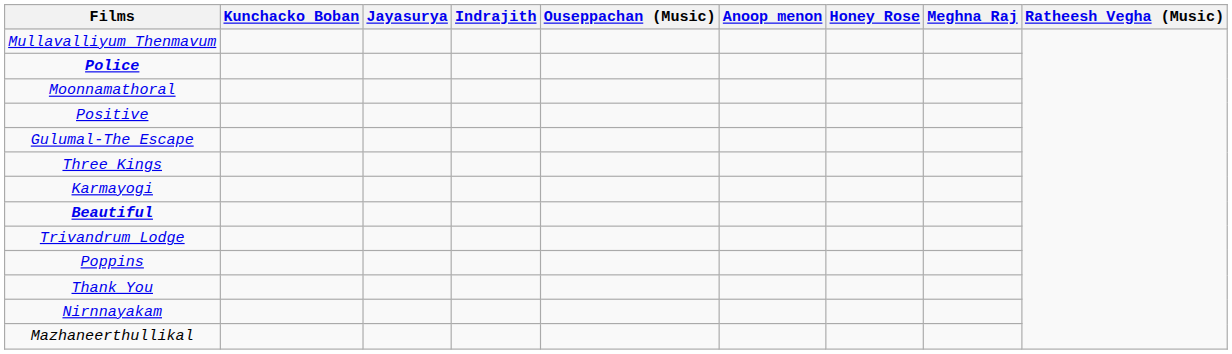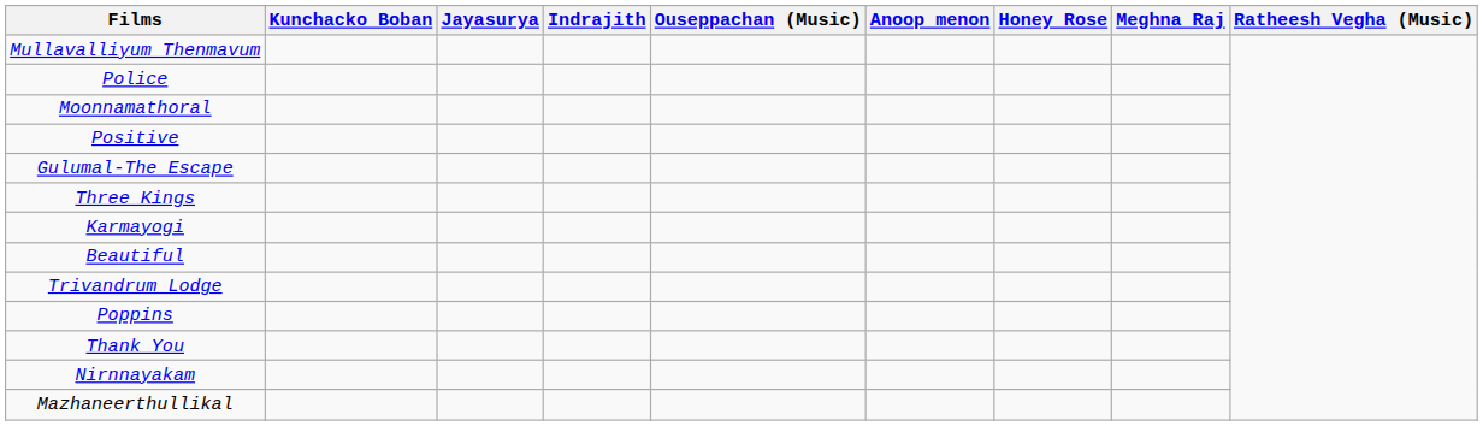 <table class="wikitable" style="text-align:center;">
 <tr style="vertical-align:bottom;">
 <th>Films</th>
 <th><a href='#'>Kunchacko Boban</a></th>
 <th><a href='#'>Jayasurya</a></th>
 <th><a href='#'>Indrajith</a></th>
 <th><a href='#'>Ouseppachan</a> (Music)</th>
 <th><a href='#'>Anoop menon</a></th>
 <th><a href='#'>Honey Rose</a></th>
 <th><a href='#'>Meghna Raj</a></th>
 <th><a href='#'>Ratheesh Vegha</a> (Music)</th>
 </tr>
 <tr>
 <td><em><a href='#'>Mullavalliyum Thenmavum</a></em></td>
 <td></td>
 <td></td>
 <td></td>
 <td></td>
 <td></td>
 <td></td>
 <td></td>
 </tr>
 <tr>
-<td><strong><em><a href='#'>Police</a></em></strong></td>
+<td><em><a href='#'>Police</a></em></td>
 <td></td>
 <td></td>
 <td></td>
 <td></td>
 <td></td>
 <td></td>
 <td></td>
 </tr>
 <tr>
 <td><em><a href='#'>Moonnamathoral</a></em></td>
 <td></td>
 <td></td>
 <td></td>
 <td></td>
 <td></td>
 <td></td>
 <td></td>
 </tr>
 <tr>
 <td><em><a href='#'>Positive</a></em></td>
 <td></td>
 <td></td>
 <td></td>
 <td></td>
 <td></td>
 <td></td>
 <td></td>
 </tr>
 <tr>
 <td><em><a href='#'>Gulumal-The Escape</a></em></td>
 <td></td>
 <td></td>
 <td></td>
 <td></td>
 <td></td>
 <td></td>
 <td></td>
 </tr>
 <tr>
 <td><em><a href='#'>Three Kings</a></em></td>
 <td></td>
 <td></td>
 <td></td>
 <td></td>
 <td></td>
 <td></td>
 <td></td>
 </tr>
 <tr>
 <td><em><a href='#'>Karmayogi</a></em></td>
 <td></td>
 <td></td>
 <td></td>
 <td></td>
 <td></td>
 <td></td>
 <td></td>
 </tr>
 <tr>
-<td><strong><em><a href='#'>Beautiful</a></em></strong></td>
+<td><em><a href='#'>Beautiful</a></em></td>
 <td></td>
 <td></td>
 <td></td>
 <td></td>
 <td></td>
 <td></td>
 <td></td>
 </tr>
 <tr>
 <td><em><a href='#'>Trivandrum Lodge</a></em></td>
 <td></td>
 <td></td>
 <td></td>
 <td></td>
 <td></td>
 <td></td>
 <td></td>
 </tr>
 <tr>
 <td><em><a href='#'>Poppins</a></em></td>
 <td></td>
 <td></td>
 <td></td>
 <td></td>
 <td></td>
 <td></td>
 <td></td>
 </tr>
 <tr>
 <td><em><a href='#'>Thank You</a></em></td>
 <td></td>
 <td></td>
 <td></td>
 <td></td>
 <td></td>
 <td></td>
 <td></td>
 </tr>
 <tr>
 <td><em><a href='#'>Nirnnayakam</a></em></td>
 <td></td>
 <td></td>
 <td></td>
 <td></td>
 <td></td>
 <td></td>
 <td></td>
 </tr>
 <tr>
 <td><em>Mazhaneerthullikal</em></td>
 <td></td>
 <td></td>
 <td></td>
 <td></td>
 <td></td>
 <td></td>
 <td></td>
 </tr>
 </table>
